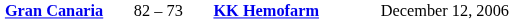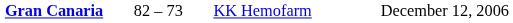 <table style="text-align:center">
 <tr>
 <th width=160></th>
 <th width=100></th>
 <th width=160></th>
 <th width=200></th>
 </tr>
 <tr>
 <td align=right><strong><a href='#'>Gran Canaria</a></strong> </td>
 <td>82 – 73</td>
-<td align=left><strong> <a href='#'>KK Hemofarm</a></strong></td>
+<td align=left> <a href='#'>KK Hemofarm</a></td>
 <td align=left>December 12, 2006</td>
 </tr>
 </table>
